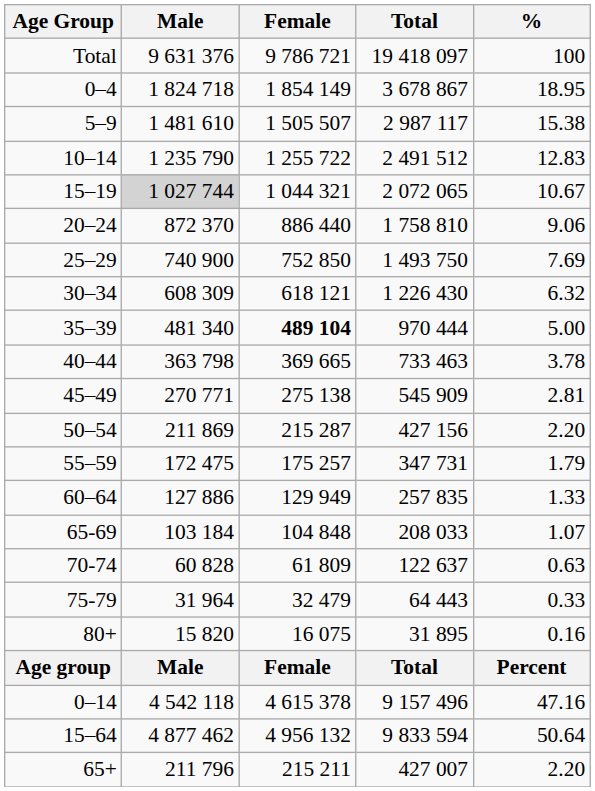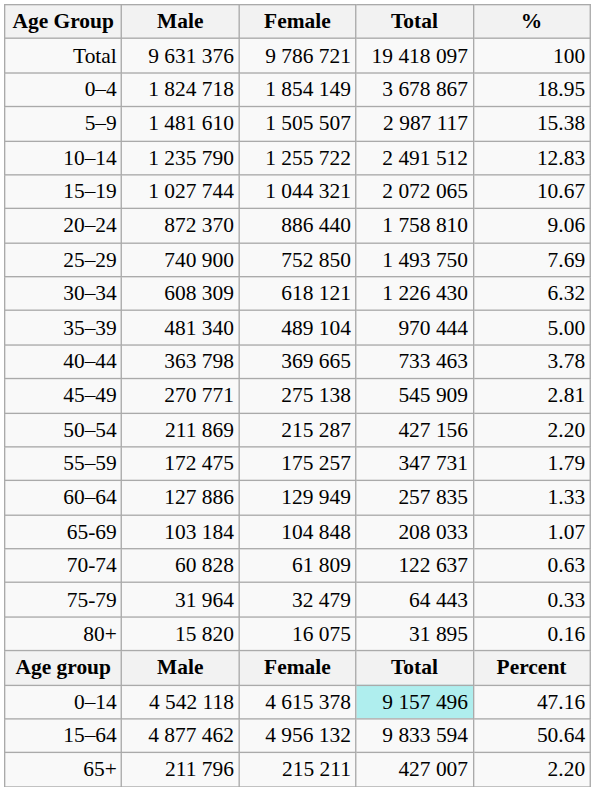 <table class="wikitable">
 <tr>
 <th width="80pt">Age Group</th>
 <th width="80pt">Male</th>
 <th width="80pt">Female</th>
 <th width="80pt">Total</th>
 <th width="80pt">%</th>
 </tr>
 <tr>
 <td align="right">Total</td>
 <td align="right">9 631 376</td>
 <td align="right">9 786 721</td>
 <td align="right">19 418 097</td>
 <td align="right">100</td>
 </tr>
 <tr>
 <td align="right">0–4</td>
 <td align="right">1 824 718</td>
 <td align="right">1 854 149</td>
 <td align="right">3 678 867</td>
 <td align="right">18.95</td>
 </tr>
 <tr>
 <td align="right">5–9</td>
 <td align="right">1 481 610</td>
 <td align="right">1 505 507</td>
 <td align="right">2 987 117</td>
 <td align="right">15.38</td>
 </tr>
 <tr>
 <td align="right">10–14</td>
 <td align="right">1 235 790</td>
 <td align="right">1 255 722</td>
 <td align="right">2 491 512</td>
 <td align="right">12.83</td>
 </tr>
 <tr>
 <td align="right">15–19</td>
-<td align="right" style="background: lightgrey;">1 027 744</td>
+<td align="right">1 027 744</td>
 <td align="right">1 044 321</td>
 <td align="right">2 072 065</td>
 <td align="right">10.67</td>
 </tr>
 <tr>
 <td align="right">20–24</td>
 <td align="right">872 370</td>
 <td align="right">886 440</td>
 <td align="right">1 758 810</td>
 <td align="right">9.06</td>
 </tr>
 <tr>
 <td align="right">25–29</td>
 <td align="right">740 900</td>
 <td align="right">752 850</td>
 <td align="right">1 493 750</td>
 <td align="right">7.69</td>
 </tr>
 <tr>
 <td align="right">30–34</td>
 <td align="right">608 309</td>
 <td align="right">618 121</td>
 <td align="right">1 226 430</td>
 <td align="right">6.32</td>
 </tr>
 <tr>
 <td align="right">35–39</td>
 <td align="right">481 340</td>
-<td align="right"><strong>489 104</strong></td>
+<td align="right">489 104</td>
 <td align="right">970 444</td>
 <td align="right">5.00</td>
 </tr>
 <tr>
 <td align="right">40–44</td>
 <td align="right">363 798</td>
 <td align="right">369 665</td>
 <td align="right">733 463</td>
 <td align="right">3.78</td>
 </tr>
 <tr>
 <td align="right">45–49</td>
 <td align="right">270 771</td>
 <td align="right">275 138</td>
 <td align="right">545 909</td>
 <td align="right">2.81</td>
 </tr>
 <tr>
 <td align="right">50–54</td>
 <td align="right">211 869</td>
 <td align="right">215 287</td>
 <td align="right">427 156</td>
 <td align="right">2.20</td>
 </tr>
 <tr>
 <td align="right">55–59</td>
 <td align="right">172 475</td>
 <td align="right">175 257</td>
 <td align="right">347 731</td>
 <td align="right">1.79</td>
 </tr>
 <tr>
 <td align="right">60–64</td>
 <td align="right">127 886</td>
 <td align="right">129 949</td>
 <td align="right">257 835</td>
 <td align="right">1.33</td>
 </tr>
 <tr>
 <td align="right">65-69</td>
 <td align="right">103 184</td>
 <td align="right">104 848</td>
 <td align="right">208 033</td>
 <td align="right">1.07</td>
 </tr>
 <tr>
 <td align="right">70-74</td>
 <td align="right">60 828</td>
 <td align="right">61 809</td>
 <td align="right">122 637</td>
 <td align="right">0.63</td>
 </tr>
 <tr>
 <td align="right">75-79</td>
 <td align="right">31 964</td>
 <td align="right">32 479</td>
 <td align="right">64 443</td>
 <td align="right">0.33</td>
 </tr>
 <tr>
 <td align="right">80+</td>
 <td align="right">15 820</td>
 <td align="right">16 075</td>
 <td align="right">31 895</td>
 <td align="right">0.16</td>
 </tr>
 <tr>
 <th width="50">Age group</th>
 <th width="80pt">Male</th>
 <th width="80">Female</th>
 <th width="80">Total</th>
 <th width="50">Percent</th>
 </tr>
 <tr>
 <td align="right">0–14</td>
 <td align="right">4 542 118</td>
 <td align="right">4 615 378</td>
-<td align="right">9 157 496</td>
+<td align="right" style="background: paleturquoise;">9 157 496</td>
 <td align="right">47.16</td>
 </tr>
 <tr>
 <td align="right">15–64</td>
 <td align="right">4 877 462</td>
 <td align="right">4 956 132</td>
 <td align="right">9 833 594</td>
 <td align="right">50.64</td>
 </tr>
 <tr>
 <td align="right">65+</td>
 <td align="right">211 796</td>
 <td align="right">215 211</td>
 <td align="right">427 007</td>
 <td align="right">2.20</td>
 </tr>
 <tr>
 </tr>
 </table>
